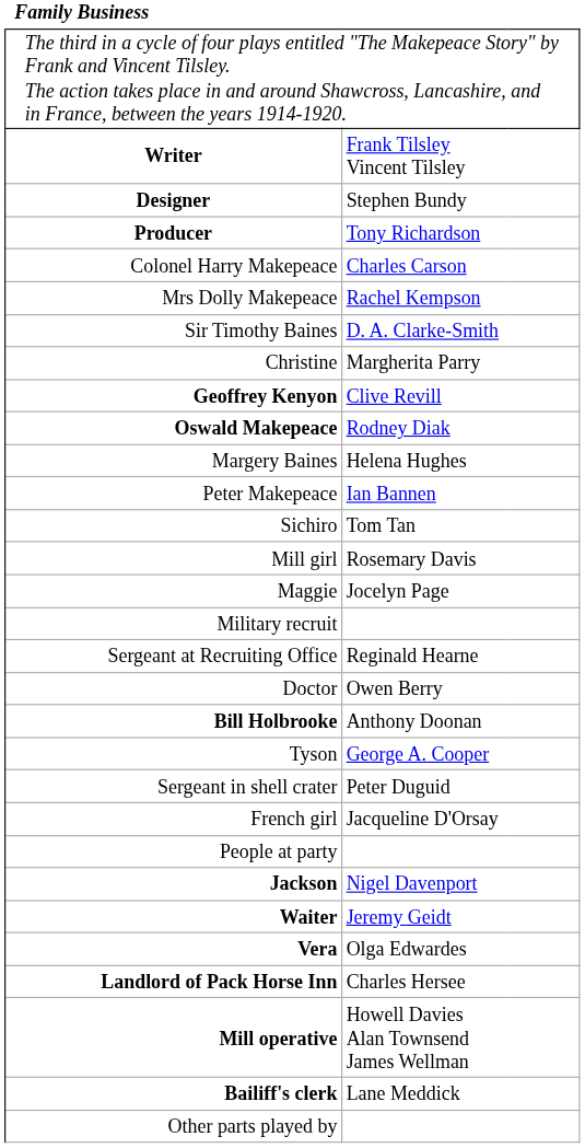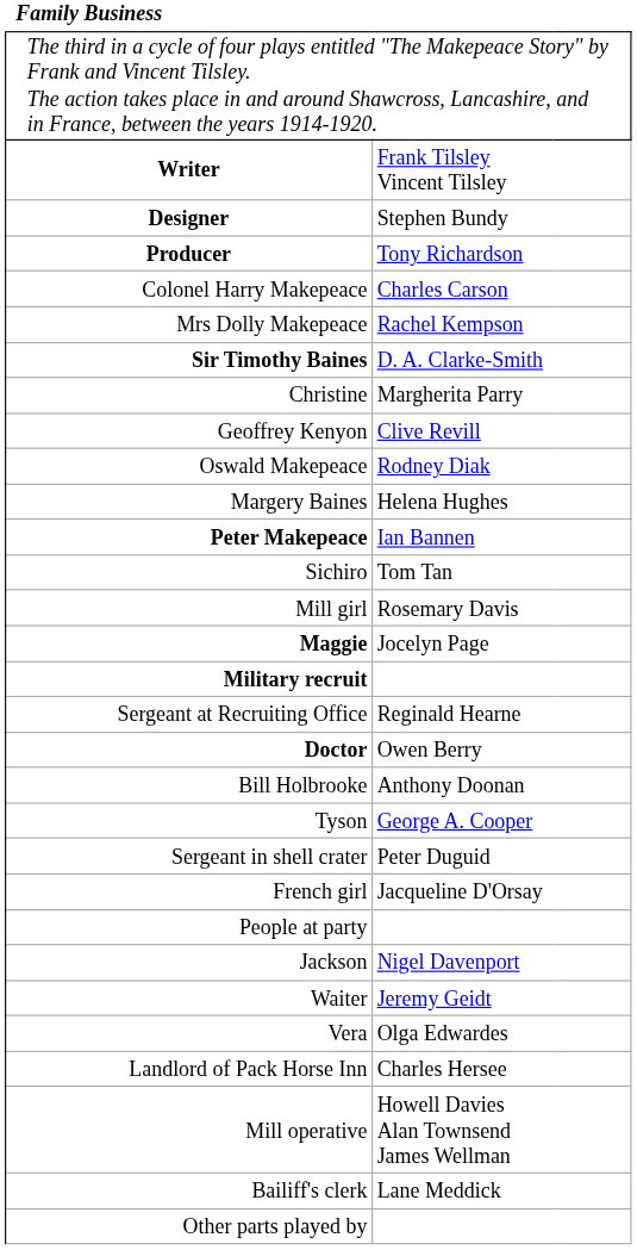 <table class="wikitable mw-collapsible mw-collapsed" style="vertical-align:top;margin:auto 2em;line-height:1.2;max-width:33em;background-color:inherit;border:none;">
 <tr>
 <td class=unsortable style="border:hidden;line-height:1.67;margin-left:-1em;text-align:center;padding-left:0.5em;min-width:1.0em;"></td>
 <td class=unsortable style="border-style:none;padding-left:0.5em;text-align:left;min-width:16.5em;font-weight:700;font-style:italic;">Family Business</td>
 <td class=unsortable style="border:none;text-align:right;font-weight:normal; font-size:95%; min-width:8.5em;padding-right:0.2em;"></td>
 <td class=unsortable style="border:none;min-width:3.5em;padding-left:0;"></td>
 <td class=unsortable style="border:hidden;min-width:3.5em;font-size:95%;"></td>
 </tr>
 <tr>
 <td rowspan=100 style="border:none thin;border-right-style :solid;"></td>
 <td colspan=3 style="text-align:left;padding:0.1em 1em;font-style:italic;border: solid thin;">The third in a cycle of four plays entitled "The Makepeace Story" by Frank and Vincent Tilsley.<br>The action takes place in and around Shawcross, Lancashire, and in France, between the years 1914-1920.</td>
 </tr>
 <tr>
 <td style="text-align:center;font-weight:bold;">Writer</td>
 <td colspan=2><a href='#'>Frank Tilsley</a><br>Vincent Tilsley</td>
 </tr>
 <tr>
 <td style="text-align:center;font-weight:bold;">Designer</td>
 <td colspan=2>Stephen Bundy</td>
 </tr>
 <tr>
 <td style="text-align:center;font-weight:bold;">Producer</td>
 <td colspan=2><a href='#'>Tony Richardson</a></td>
 </tr>
 <tr>
 <td style="text-align:right;">Colonel Harry Makepeace</td>
 <td colspan=2><a href='#'>Charles Carson</a></td>
 </tr>
 <tr>
 <td style="text-align:right;">Mrs Dolly Makepeace</td>
 <td colspan=2><a href='#'>Rachel Kempson</a></td>
 </tr>
 <tr>
-<td style="text-align:right;">Sir Timothy Baines</td>
+<td style="text-align:right;"><strong>Sir Timothy Baines</strong></td>
 <td colspan=2><a href='#'>D. A. Clarke-Smith</a></td>
 </tr>
 <tr>
 <td style="text-align:right;">Christine</td>
 <td colspan=2>Margherita Parry</td>
 </tr>
 <tr>
-<td style="text-align:right;"><strong>Geoffrey Kenyon</strong></td>
+<td style="text-align:right;">Geoffrey Kenyon</td>
 <td colspan=2><a href='#'>Clive Revill</a></td>
 </tr>
 <tr>
-<td style="text-align:right;"><strong>Oswald Makepeace</strong></td>
+<td style="text-align:right;">Oswald Makepeace</td>
 <td colspan=2><a href='#'>Rodney Diak</a></td>
 </tr>
 <tr>
 <td style="text-align:right;">Margery Baines</td>
 <td colspan=2>Helena Hughes</td>
 </tr>
 <tr>
-<td style="text-align:right;">Peter Makepeace</td>
+<td style="text-align:right;"><strong>Peter Makepeace</strong></td>
 <td colspan=2><a href='#'>Ian Bannen</a></td>
 </tr>
 <tr>
 <td style="text-align:right;">Sichiro</td>
 <td colspan=2>Tom Tan</td>
 </tr>
 <tr>
 <td style="text-align:right;">Mill girl</td>
 <td colspan=2>Rosemary Davis</td>
 </tr>
 <tr>
-<td style="text-align:right;">Maggie</td>
+<td style="text-align:right;"><strong>Maggie</strong></td>
 <td colspan=2>Jocelyn Page</td>
 </tr>
 <tr>
-<td style="text-align:right;vertical-align:middle;">Military recruit</td>
+<td style="text-align:right;vertical-align:middle;"><strong>Military recruit</strong></td>
 <td colspan=2></td>
 </tr>
 <tr>
 <td style="text-align:right;">Sergeant at Recruiting Office</td>
 <td colspan=2>Reginald Hearne</td>
 </tr>
 <tr>
-<td style="text-align:right;">Doctor</td>
+<td style="text-align:right;"><strong>Doctor</strong></td>
 <td colspan=2>Owen Berry</td>
 </tr>
 <tr>
-<td style="text-align:right;"><strong>Bill Holbrooke</strong></td>
+<td style="text-align:right;">Bill Holbrooke</td>
 <td colspan=2>Anthony Doonan</td>
 </tr>
 <tr>
 <td style="text-align:right;">Tyson</td>
 <td colspan=2><a href='#'>George A. Cooper</a></td>
 </tr>
 <tr>
 <td style="text-align:right;">Sergeant in shell crater</td>
 <td colspan=2>Peter Duguid</td>
 </tr>
 <tr>
 <td style="text-align:right;">French girl</td>
 <td colspan=2>Jacqueline D'Orsay</td>
 </tr>
 <tr>
 <td style="text-align:right;vertical-align:middle;">People at party</td>
 <td colspan=2></td>
 </tr>
 <tr>
-<td style="text-align:right;"><strong>Jackson</strong></td>
+<td style="text-align:right;">Jackson</td>
 <td colspan=2><a href='#'>Nigel Davenport</a></td>
 </tr>
 <tr>
-<td style="text-align:right;"><strong>Waiter</strong></td>
+<td style="text-align:right;">Waiter</td>
 <td colspan=2><a href='#'>Jeremy Geidt</a></td>
 </tr>
 <tr>
-<td style="text-align:right;"><strong>Vera</strong></td>
+<td style="text-align:right;">Vera</td>
 <td colspan=2>Olga Edwardes</td>
 </tr>
 <tr>
-<td style="text-align:right;"><strong>Landlord of Pack Horse Inn</strong></td>
+<td style="text-align:right;">Landlord of Pack Horse Inn</td>
 <td colspan=2>Charles Hersee</td>
 </tr>
 <tr>
-<td style="text-align:right;vertical-align:middle;"><strong>Mill operative</strong></td>
+<td style="text-align:right;vertical-align:middle;">Mill operative</td>
 <td colspan=2>Howell Davies<br>Alan Townsend<br>James Wellman</td>
 </tr>
 <tr>
-<td style="text-align:right;"><strong>Bailiff's clerk</strong></td>
+<td style="text-align:right;">Bailiff's clerk</td>
 <td colspan=2>Lane Meddick</td>
 </tr>
 <tr>
 <td style="text-align:right;vertical-align:middle;">Other parts played by</td>
 <td colspan=2></td>
 </tr>
 </table>
